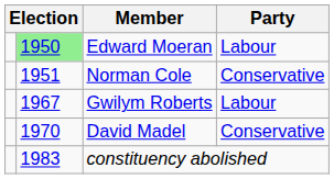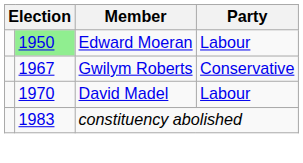 <table class="wikitable">
 <tr>
 <th colspan="2">Election</th>
 <th>Member</th>
 <th>Party</th>
 </tr>
 <tr>
 <td style="color:inherit;background-color: "></td>
 <td style="background: lightgreen;"><a href='#'>1950</a></td>
 <td><a href='#'>Edward Moeran</a></td>
 <td><a href='#'>Labour</a></td>
 </tr>
 <tr>
 <td style="color:inherit;background-color: "></td>
-<td><a href='#'>1951</a></td>
-<td><a href='#'>Norman Cole</a></td>
-<td><a href='#'>Conservative</a></td>
-</tr>
-<tr>
-<td style="color:inherit;background-color: "></td>
 <td><a href='#'>1967</a></td>
 <td><a href='#'>Gwilym Roberts</a></td>
-<td><a href='#'>Labour</a></td>
+<td><a href='#'>Conservative</a></td>
 </tr>
 <tr>
 <td style="color:inherit;background-color: "></td>
 <td><a href='#'>1970</a></td>
 <td><a href='#'>David Madel</a></td>
-<td><a href='#'>Conservative</a></td>
+<td><a href='#'>Labour</a></td>
 </tr>
 <tr>
 <td></td>
 <td><a href='#'>1983</a></td>
 <td colspan="2"><em>constituency abolished</em></td>
 </tr>
 </table>
